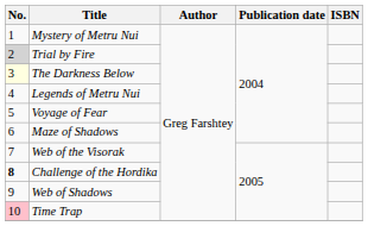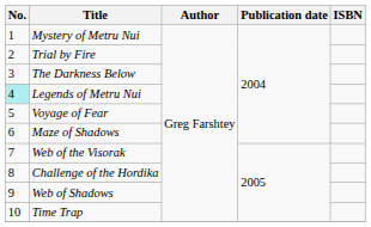 <table class="wikitable">
 <tr>
 <th>No.</th>
 <th>Title</th>
 <th>Author</th>
 <th>Publication date</th>
 <th>ISBN</th>
 </tr>
 <tr>
 <td>1</td>
 <td><em>Mystery of Metru Nui</em></td>
 <td Rowspan="10">Greg Farshtey</td>
 <td Rowspan="6">2004</td>
 <td></td>
 </tr>
 <tr>
-<td style="background: lightgrey;">2</td>
+<td>2</td>
 <td><em>Trial by Fire</em></td>
 <td></td>
 </tr>
 <tr>
-<td style="background: lightyellow;">3</td>
+<td>3</td>
 <td><em>The Darkness Below</em></td>
 <td></td>
 </tr>
 <tr>
-<td>4</td>
+<td style="background: paleturquoise;">4</td>
 <td><em>Legends of Metru Nui</em></td>
 <td></td>
 </tr>
 <tr>
 <td>5</td>
 <td><em>Voyage of Fear</em></td>
 <td></td>
 </tr>
 <tr>
 <td>6</td>
 <td><em>Maze of Shadows</em></td>
 <td></td>
 </tr>
 <tr>
 <td>7</td>
 <td><em>Web of the Visorak</em></td>
 <td Rowspan="4">2005</td>
 <td></td>
 </tr>
 <tr>
-<td><strong>8</strong></td>
+<td>8</td>
 <td><em>Challenge of the Hordika</em></td>
 <td></td>
 </tr>
 <tr>
 <td>9</td>
 <td><em>Web of Shadows</em></td>
 <td></td>
 </tr>
 <tr>
-<td style="background: pink;">10</td>
+<td>10</td>
 <td><em>Time Trap</em></td>
 <td></td>
 </tr>
 <tr>
 </tr>
 </table>
